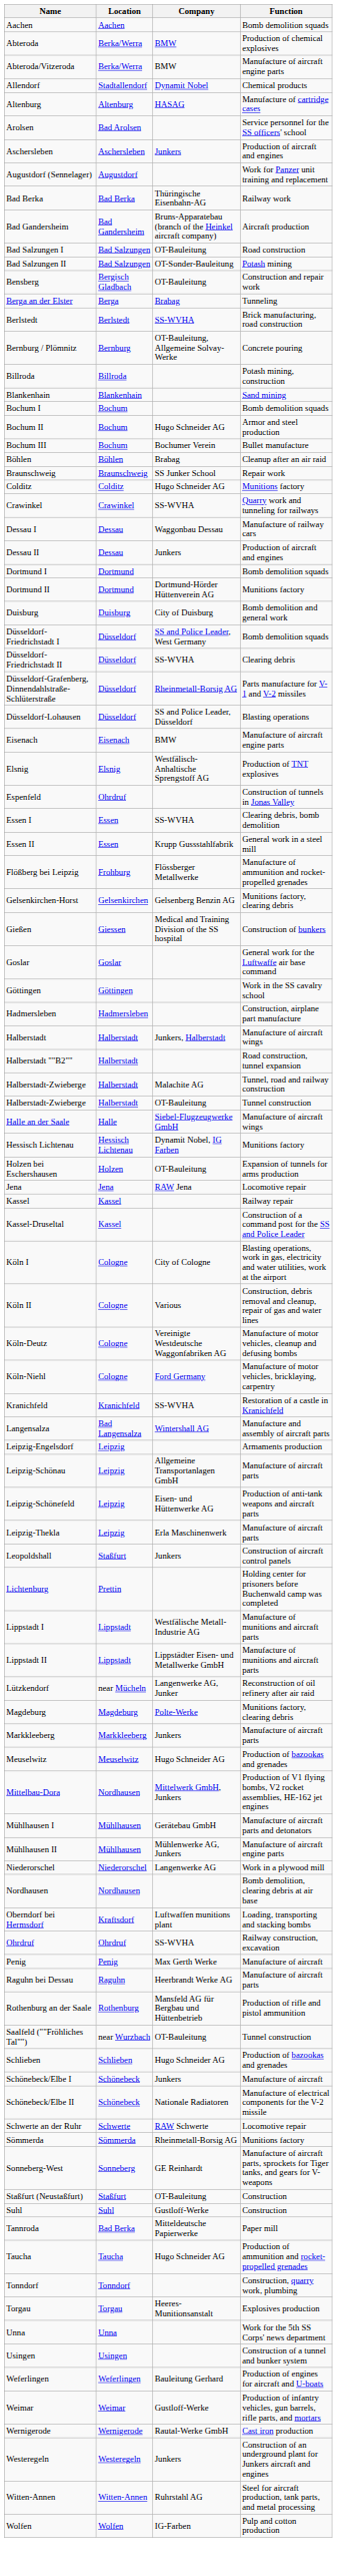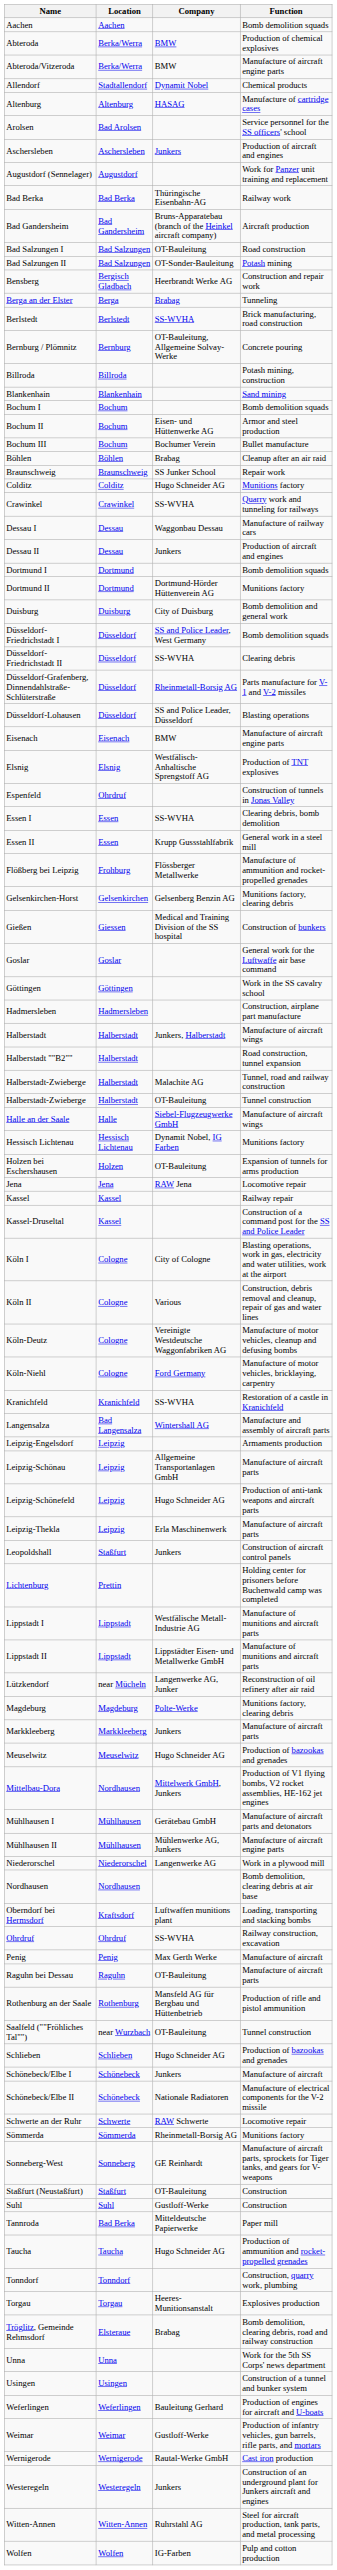 <table class="wikitable sortable">
 <tr>
 <th>Name</th>
 <th>Location</th>
 <th>Company</th>
 <th>Function</th>
 </tr>
 <tr>
 <td>Aachen</td>
 <td><a href='#'>Aachen</a></td>
 <td></td>
 <td>Bomb demolition squads</td>
 </tr>
 <tr>
 <td>Abteroda</td>
 <td><a href='#'>Berka/Werra</a></td>
 <td><a href='#'>BMW</a></td>
 <td>Production of chemical explosives</td>
 </tr>
 <tr>
 <td>Abteroda/Vitzeroda</td>
 <td><a href='#'>Berka/Werra</a></td>
 <td>BMW</td>
 <td>Manufacture of aircraft engine parts</td>
 </tr>
 <tr>
 <td>Allendorf</td>
 <td><a href='#'>Stadtallendorf</a></td>
 <td><a href='#'>Dynamit Nobel</a></td>
 <td>Chemical products</td>
 </tr>
 <tr>
 <td>Altenburg</td>
 <td><a href='#'>Altenburg</a></td>
 <td><a href='#'>HASAG</a></td>
 <td>Manufacture of <a href='#'>cartridge cases</a></td>
 </tr>
 <tr>
 <td>Arolsen</td>
 <td><a href='#'>Bad Arolsen</a></td>
 <td></td>
 <td>Service personnel for the <a href='#'>SS officers</a>' school</td>
 </tr>
 <tr>
 <td>Aschersleben</td>
 <td><a href='#'>Aschersleben</a></td>
 <td><a href='#'>Junkers</a></td>
 <td>Production of aircraft and engines</td>
 </tr>
 <tr>
 <td>Augustdorf (Sennelager)</td>
 <td><a href='#'>Augustdorf</a></td>
 <td></td>
 <td>Work for <a href='#'>Panzer</a> unit training and replacement</td>
 </tr>
 <tr>
 <td>Bad Berka</td>
 <td><a href='#'>Bad Berka</a></td>
 <td>Thüringische Eisenbahn-AG</td>
 <td>Railway work</td>
 </tr>
 <tr>
 <td>Bad Gandersheim</td>
 <td><a href='#'>Bad Gandersheim</a></td>
 <td>Bruns-Apparatebau (branch of the <a href='#'>Heinkel</a> aircraft company)</td>
 <td>Aircraft production</td>
 </tr>
 <tr>
 <td>Bad Salzungen I</td>
 <td><a href='#'>Bad Salzungen</a></td>
 <td>OT-Bauleitung</td>
 <td>Road construction</td>
 </tr>
 <tr>
 <td>Bad Salzungen II</td>
 <td><a href='#'>Bad Salzungen</a></td>
 <td>OT-Sonder-Bauleitung</td>
 <td><a href='#'>Potash</a> mining</td>
 </tr>
 <tr>
 <td>Bensberg</td>
 <td><a href='#'>Bergisch Gladbach</a></td>
-<td>OT-Bauleitung</td>
+<td>Heerbrandt Werke AG</td>
 <td>Construction and repair work</td>
 </tr>
 <tr>
 <td><a href='#'>Berga an der Elster</a></td>
 <td><a href='#'>Berga</a></td>
 <td><a href='#'>Brabag</a></td>
 <td>Tunneling</td>
 </tr>
 <tr>
 <td>Berlstedt</td>
 <td><a href='#'>Berlstedt</a></td>
 <td><a href='#'>SS-WVHA</a></td>
 <td>Brick manufacturing, road construction</td>
 </tr>
 <tr>
 <td>Bernburg / Plömnitz</td>
 <td><a href='#'>Bernburg</a></td>
 <td>OT-Bauleitung, Allgemeine Solvay-Werke</td>
 <td>Concrete pouring</td>
 </tr>
 <tr>
 <td>Billroda</td>
 <td><a href='#'>Billroda</a></td>
 <td></td>
 <td>Potash mining, construction</td>
 </tr>
 <tr>
 <td>Blankenhain</td>
 <td><a href='#'>Blankenhain</a></td>
 <td></td>
 <td><a href='#'>Sand mining</a></td>
 </tr>
 <tr>
 <td>Bochum I</td>
 <td><a href='#'>Bochum</a></td>
 <td></td>
 <td>Bomb demolition squads</td>
 </tr>
 <tr>
 <td>Bochum II</td>
 <td><a href='#'>Bochum</a></td>
-<td>Hugo Schneider AG</td>
+<td>Eisen- und Hüttenwerke AG</td>
 <td>Armor and steel production</td>
 </tr>
 <tr>
 <td>Bochum III</td>
 <td><a href='#'>Bochum</a></td>
 <td>Bochumer Verein</td>
 <td>Bullet manufacture</td>
 </tr>
 <tr>
 <td>Böhlen</td>
 <td><a href='#'>Böhlen</a></td>
 <td>Brabag</td>
 <td>Cleanup after an air raid</td>
 </tr>
 <tr>
 <td>Braunschweig</td>
 <td><a href='#'>Braunschweig</a></td>
 <td>SS Junker School</td>
 <td>Repair work</td>
 </tr>
 <tr>
 <td>Colditz</td>
 <td><a href='#'>Colditz</a></td>
 <td>Hugo Schneider AG</td>
 <td><a href='#'>Munitions</a> factory</td>
 </tr>
 <tr>
 <td>Crawinkel</td>
 <td><a href='#'>Crawinkel</a></td>
 <td>SS-WVHA</td>
 <td><a href='#'>Quarry</a> work and tunneling for railways</td>
 </tr>
 <tr>
 <td>Dessau I</td>
 <td><a href='#'>Dessau</a></td>
 <td>Waggonbau Dessau</td>
 <td>Manufacture of railway cars</td>
 </tr>
 <tr>
 <td>Dessau II</td>
 <td><a href='#'>Dessau</a></td>
 <td>Junkers</td>
 <td>Production of aircraft and engines</td>
 </tr>
 <tr>
 <td>Dortmund I</td>
 <td><a href='#'>Dortmund</a></td>
 <td></td>
 <td>Bomb demolition squads</td>
 </tr>
 <tr>
 <td>Dortmund II</td>
 <td><a href='#'>Dortmund</a></td>
 <td>Dortmund-Hörder Hüttenverein AG</td>
 <td>Munitions factory</td>
 </tr>
 <tr>
 <td>Duisburg</td>
 <td><a href='#'>Duisburg</a></td>
 <td>City of Duisburg</td>
 <td>Bomb demolition and general work</td>
 </tr>
 <tr>
 <td>Düsseldorf-Friedrichstadt I</td>
 <td><a href='#'>Düsseldorf</a></td>
 <td><a href='#'>SS and Police Leader</a>, West Germany</td>
 <td>Bomb demolition squads</td>
 </tr>
 <tr>
 <td>Düsseldorf-Friedrichstadt II</td>
 <td><a href='#'>Düsseldorf</a></td>
 <td>SS-WVHA</td>
 <td>Clearing debris</td>
 </tr>
 <tr>
 <td>Düsseldorf-Grafenberg, Dinnendahlstraße-Schlüterstraße</td>
 <td><a href='#'>Düsseldorf</a></td>
 <td><a href='#'>Rheinmetall-Borsig AG</a></td>
 <td>Parts manufacture for <a href='#'>V-1</a> and <a href='#'>V-2</a> missiles</td>
 </tr>
 <tr>
 <td>Düsseldorf-Lohausen</td>
 <td><a href='#'>Düsseldorf</a></td>
 <td>SS and Police Leader, Düsseldorf</td>
 <td>Blasting operations</td>
 </tr>
 <tr>
 <td>Eisenach</td>
 <td><a href='#'>Eisenach</a></td>
 <td>BMW</td>
 <td>Manufacture of aircraft engine parts</td>
 </tr>
 <tr>
 <td>Elsnig</td>
 <td><a href='#'>Elsnig</a></td>
 <td>Westfälisch-Anhaltische Sprengstoff AG</td>
 <td>Production of <a href='#'>TNT</a> explosives</td>
 </tr>
 <tr>
 <td>Espenfeld</td>
 <td><a href='#'>Ohrdruf</a></td>
 <td></td>
 <td>Construction of tunnels in <a href='#'>Jonas Valley</a></td>
 </tr>
 <tr>
 <td>Essen I</td>
 <td><a href='#'>Essen</a></td>
 <td>SS-WVHA</td>
 <td>Clearing debris, bomb demolition</td>
 </tr>
 <tr>
 <td>Essen II</td>
 <td><a href='#'>Essen</a></td>
 <td>Krupp Gussstahlfabrik</td>
 <td>General work in a steel mill</td>
 </tr>
 <tr>
 <td>Flößberg bei Leipzig</td>
 <td><a href='#'>Frohburg</a></td>
 <td>Flössberger Metallwerke</td>
 <td>Manufacture of ammunition and rocket-propelled grenades</td>
 </tr>
 <tr>
 <td>Gelsenkirchen-Horst</td>
 <td><a href='#'>Gelsenkirchen</a></td>
 <td>Gelsenberg Benzin AG</td>
 <td>Munitions factory, clearing debris</td>
 </tr>
 <tr>
 <td>Gießen</td>
 <td><a href='#'>Giessen</a></td>
 <td>Medical and Training Division of the SS hospital</td>
 <td>Construction of <a href='#'>bunkers</a></td>
 </tr>
 <tr>
 <td>Goslar</td>
 <td><a href='#'>Goslar</a></td>
 <td></td>
 <td>General work for the <a href='#'>Luftwaffe</a> air base command</td>
 </tr>
 <tr>
 <td>Göttingen</td>
 <td><a href='#'>Göttingen</a></td>
 <td></td>
 <td>Work in the SS cavalry school</td>
 </tr>
 <tr>
 <td>Hadmersleben</td>
 <td><a href='#'>Hadmersleben</a></td>
 <td></td>
 <td>Construction, airplane part manufacture</td>
 </tr>
 <tr>
 <td>Halberstadt</td>
 <td><a href='#'>Halberstadt</a></td>
 <td>Junkers, <a href='#'>Halberstadt</a></td>
 <td>Manufacture of aircraft wings</td>
 </tr>
 <tr>
 <td>Halberstadt ""B2""</td>
 <td><a href='#'>Halberstadt</a></td>
 <td></td>
 <td>Road construction, tunnel expansion</td>
 </tr>
 <tr>
 <td>Halberstadt-Zwieberge</td>
 <td><a href='#'>Halberstadt</a></td>
 <td>Malachite AG</td>
 <td>Tunnel, road and railway construction</td>
 </tr>
 <tr>
 <td>Halberstadt-Zwieberge</td>
 <td><a href='#'>Halberstadt</a></td>
 <td>OT-Bauleitung</td>
 <td>Tunnel construction</td>
 </tr>
 <tr>
 <td><a href='#'>Halle an der Saale</a></td>
 <td><a href='#'>Halle</a></td>
 <td><a href='#'>Siebel-Flugzeugwerke GmbH</a></td>
 <td>Manufacture of aircraft wings</td>
 </tr>
 <tr>
 <td>Hessisch Lichtenau</td>
 <td><a href='#'>Hessisch Lichtenau</a></td>
 <td>Dynamit Nobel, <a href='#'>IG Farben</a></td>
 <td>Munitions factory</td>
 </tr>
 <tr>
 <td>Holzen bei Eschershausen</td>
 <td><a href='#'>Holzen</a></td>
 <td>OT-Bauleitung</td>
 <td>Expansion of tunnels for arms production</td>
 </tr>
 <tr>
 <td>Jena</td>
 <td><a href='#'>Jena</a></td>
 <td><a href='#'>RAW</a> Jena</td>
 <td>Locomotive repair</td>
 </tr>
 <tr>
 <td>Kassel</td>
 <td><a href='#'>Kassel</a></td>
 <td></td>
 <td>Railway repair</td>
 </tr>
 <tr>
 <td>Kassel-Druseltal</td>
 <td><a href='#'>Kassel</a></td>
 <td></td>
 <td>Construction of a command post for the <a href='#'>SS and Police Leader</a></td>
 </tr>
 <tr>
 <td>Köln I</td>
 <td><a href='#'>Cologne</a></td>
 <td>City of Cologne</td>
 <td>Blasting operations, work in gas, electricity and water utilities, work at the airport</td>
 </tr>
 <tr>
 <td>Köln II</td>
 <td><a href='#'>Cologne</a></td>
 <td>Various</td>
 <td>Construction, debris removal and cleanup, repair of gas and water lines</td>
 </tr>
 <tr>
 <td>Köln-Deutz</td>
 <td><a href='#'>Cologne</a></td>
 <td>Vereinigte Westdeutsche Waggonfabriken AG</td>
 <td>Manufacture of motor vehicles, cleanup and defusing bombs</td>
 </tr>
 <tr>
 <td>Köln-Niehl</td>
 <td><a href='#'>Cologne</a></td>
 <td><a href='#'>Ford Germany</a></td>
 <td>Manufacture of motor vehicles, bricklaying, carpentry</td>
 </tr>
 <tr>
 <td>Kranichfeld</td>
 <td><a href='#'>Kranichfeld</a></td>
 <td>SS-WVHA</td>
 <td>Restoration of a castle in <a href='#'>Kranichfeld</a></td>
 </tr>
 <tr>
 <td>Langensalza</td>
 <td><a href='#'>Bad Langensalza</a></td>
 <td><a href='#'>Wintershall AG</a></td>
 <td>Manufacture and assembly of aircraft parts</td>
 </tr>
 <tr>
 <td>Leipzig-Engelsdorf</td>
 <td><a href='#'>Leipzig</a></td>
 <td></td>
 <td>Armaments production</td>
 </tr>
 <tr>
 <td>Leipzig-Schönau</td>
 <td><a href='#'>Leipzig</a></td>
 <td>Allgemeine Transportanlagen GmbH</td>
 <td>Manufacture of aircraft parts</td>
 </tr>
 <tr>
 <td>Leipzig-Schönefeld</td>
 <td><a href='#'>Leipzig</a></td>
-<td>Eisen- und Hüttenwerke AG</td>
+<td>Hugo Schneider AG</td>
 <td>Production of anti-tank weapons and aircraft parts</td>
 </tr>
 <tr>
 <td>Leipzig-Thekla</td>
 <td><a href='#'>Leipzig</a></td>
 <td>Erla Maschinenwerk</td>
 <td>Manufacture of aircraft parts</td>
 </tr>
 <tr>
 <td>Leopoldshall</td>
 <td><a href='#'>Staßfurt</a></td>
 <td>Junkers</td>
 <td>Construction of aircraft control panels</td>
 </tr>
 <tr>
 <td><a href='#'>Lichtenburg</a></td>
 <td><a href='#'>Prettin</a></td>
 <td></td>
 <td>Holding center for prisoners before Buchenwald camp was completed</td>
 </tr>
 <tr>
 <td>Lippstadt I</td>
 <td><a href='#'>Lippstadt</a></td>
 <td>Westfälische Metall-Industrie AG</td>
 <td>Manufacture of munitions and aircraft parts</td>
 </tr>
 <tr>
 <td>Lippstadt II</td>
 <td><a href='#'>Lippstadt</a></td>
 <td>Lippstädter Eisen- und Metallwerke GmbH</td>
 <td>Manufacture of munitions and aircraft parts</td>
 </tr>
 <tr>
 <td>Lützkendorf</td>
 <td>near <a href='#'>Mücheln</a></td>
 <td>Langenwerke AG, Junker</td>
 <td>Reconstruction of oil refinery after air raid</td>
 </tr>
 <tr>
 <td>Magdeburg</td>
 <td><a href='#'>Magdeburg</a></td>
 <td><a href='#'>Polte-Werke</a></td>
 <td>Munitions factory, clearing debris</td>
 </tr>
 <tr>
 <td>Markkleeberg</td>
 <td><a href='#'>Markkleeberg</a></td>
 <td>Junkers</td>
 <td>Manufacture of aircraft parts</td>
 </tr>
 <tr>
 <td>Meuselwitz</td>
 <td><a href='#'>Meuselwitz</a></td>
 <td>Hugo Schneider AG</td>
 <td>Production of <a href='#'>bazookas</a> and grenades</td>
 </tr>
 <tr>
 <td><a href='#'>Mittelbau-Dora</a></td>
 <td><a href='#'>Nordhausen</a></td>
 <td><a href='#'>Mittelwerk GmbH</a>, Junkers</td>
 <td>Production of V1 flying bombs, V2 rocket assemblies, HE-162 jet engines</td>
 </tr>
 <tr>
 <td>Mühlhausen I</td>
 <td><a href='#'>Mühlhausen</a></td>
 <td>Gerätebau GmbH</td>
 <td>Manufacture of aircraft parts and detonators</td>
 </tr>
 <tr>
 <td>Mühlhausen II</td>
 <td><a href='#'>Mühlhausen</a></td>
 <td>Mühlenwerke AG, Junkers</td>
 <td>Manufacture of aircraft engine parts</td>
 </tr>
 <tr>
 <td>Niederorschel</td>
 <td><a href='#'>Niederorschel</a></td>
 <td>Langenwerke AG</td>
 <td>Work in a plywood mill</td>
 </tr>
 <tr>
 <td>Nordhausen</td>
 <td><a href='#'>Nordhausen</a></td>
 <td></td>
 <td>Bomb demolition, clearing debris at air base</td>
 </tr>
 <tr>
 <td>Oberndorf bei <a href='#'>Hermsdorf</a></td>
 <td><a href='#'>Kraftsdorf</a></td>
 <td>Luftwaffen munitions plant</td>
 <td>Loading, transporting and stacking bombs</td>
 </tr>
 <tr>
 <td><a href='#'>Ohrdruf</a></td>
 <td><a href='#'>Ohrdruf</a></td>
 <td>SS-WVHA</td>
 <td>Railway construction, excavation</td>
 </tr>
 <tr>
 <td>Penig</td>
 <td><a href='#'>Penig</a></td>
 <td>Max Gerth Werke</td>
 <td>Manufacture of aircraft</td>
 </tr>
 <tr>
 <td>Raguhn bei Dessau</td>
 <td><a href='#'>Raguhn</a></td>
-<td>Heerbrandt Werke AG</td>
+<td>OT-Bauleitung</td>
 <td>Manufacture of aircraft parts</td>
 </tr>
 <tr>
 <td>Rothenburg an der Saale</td>
 <td><a href='#'>Rothenburg</a></td>
 <td>Mansfeld AG für Bergbau und Hüttenbetrieb</td>
 <td>Production of rifle and pistol ammunition</td>
 </tr>
 <tr>
 <td>Saalfeld (""Fröhliches Tal"")</td>
 <td>near <a href='#'>Wurzbach</a></td>
 <td>OT-Bauleitung</td>
 <td>Tunnel construction</td>
 </tr>
 <tr>
 <td>Schlieben</td>
 <td><a href='#'>Schlieben</a></td>
 <td>Hugo Schneider AG</td>
 <td>Production of <a href='#'>bazookas</a> and grenades</td>
 </tr>
 <tr>
 <td>Schönebeck/Elbe I</td>
 <td><a href='#'>Schönebeck</a></td>
 <td>Junkers</td>
 <td>Manufacture of aircraft</td>
 </tr>
 <tr>
 <td>Schönebeck/Elbe II</td>
 <td><a href='#'>Schönebeck</a></td>
 <td>Nationale Radiatoren</td>
 <td>Manufacture of electrical components for the V-2 missile</td>
 </tr>
 <tr>
 <td>Schwerte an der Ruhr</td>
 <td><a href='#'>Schwerte</a></td>
 <td><a href='#'>RAW</a> Schwerte</td>
 <td>Locomotive repair</td>
 </tr>
 <tr>
 <td>Sömmerda</td>
 <td><a href='#'>Sömmerda</a></td>
 <td>Rheinmetall-Borsig AG</td>
 <td>Munitions factory</td>
 </tr>
 <tr>
 <td>Sonneberg-West</td>
 <td><a href='#'>Sonneberg</a></td>
 <td>GE Reinhardt</td>
 <td>Manufacture of aircraft parts, sprockets for Tiger tanks, and gears for V-weapons</td>
 </tr>
 <tr>
 <td>Staßfurt (Neustaßfurt)</td>
 <td><a href='#'>Staßfurt</a></td>
 <td>OT-Bauleitung</td>
 <td>Construction</td>
 </tr>
 <tr>
 <td>Suhl</td>
 <td><a href='#'>Suhl</a></td>
 <td>Gustloff-Werke</td>
 <td>Construction</td>
 </tr>
 <tr>
 <td>Tannroda</td>
 <td><a href='#'>Bad Berka</a></td>
 <td>Mitteldeutsche Papierwerke</td>
 <td>Paper mill</td>
 </tr>
 <tr>
 <td>Taucha</td>
 <td><a href='#'>Taucha</a></td>
 <td>Hugo Schneider AG</td>
 <td>Production of ammunition and <a href='#'>rocket-propelled grenades</a></td>
 </tr>
 <tr>
 <td>Tonndorf</td>
 <td><a href='#'>Tonndorf</a></td>
 <td></td>
 <td>Construction, <a href='#'>quarry</a> work, plumbing</td>
 </tr>
 <tr>
 <td>Torgau</td>
 <td><a href='#'>Torgau</a></td>
 <td>Heeres-Munitionsanstalt</td>
 <td>Explosives production</td>
 </tr>
 <tr>
+<td><a href='#'>Tröglitz</a>, Gemeinde Rehmsdorf</td>
+<td><a href='#'>Elsteraue</a></td>
+<td>Brabag</td>
+<td>Bomb demolition, clearing debris, road and railway construction</td>
+</tr>
+<tr>
 <td>Unna</td>
 <td><a href='#'>Unna</a></td>
 <td></td>
 <td>Work for the 5th SS Corps' news department</td>
 </tr>
 <tr>
 <td>Usingen</td>
 <td><a href='#'>Usingen</a></td>
 <td></td>
 <td>Construction of a tunnel and bunker system</td>
 </tr>
 <tr>
 <td>Weferlingen</td>
 <td><a href='#'>Weferlingen</a></td>
 <td>Bauleitung Gerhard</td>
 <td>Production of engines for aircraft and <a href='#'>U-boats</a></td>
 </tr>
 <tr>
 <td>Weimar</td>
 <td><a href='#'>Weimar</a></td>
 <td>Gustloff-Werke</td>
 <td>Production of infantry vehicles, gun barrels, rifle parts, and <a href='#'>mortars</a></td>
 </tr>
 <tr>
 <td>Wernigerode</td>
 <td><a href='#'>Wernigerode</a></td>
 <td>Rautal-Werke GmbH</td>
 <td><a href='#'>Cast iron</a> production</td>
 </tr>
 <tr>
 <td>Westeregeln</td>
 <td><a href='#'>Westeregeln</a></td>
 <td>Junkers</td>
 <td>Construction of an underground plant for Junkers aircraft and engines</td>
 </tr>
 <tr>
 <td>Witten-Annen</td>
 <td><a href='#'>Witten-Annen</a></td>
 <td>Ruhrstahl AG</td>
 <td>Steel for aircraft production, tank parts, and metal processing</td>
 </tr>
 <tr>
 <td>Wolfen</td>
 <td><a href='#'>Wolfen</a></td>
 <td>IG-Farben</td>
 <td>Pulp and cotton production</td>
 </tr>
 </table>
